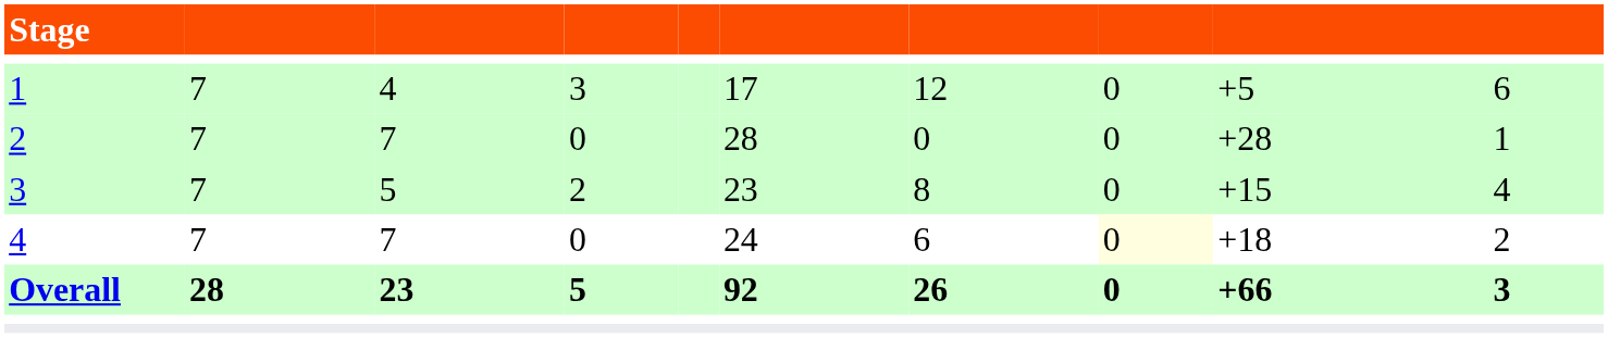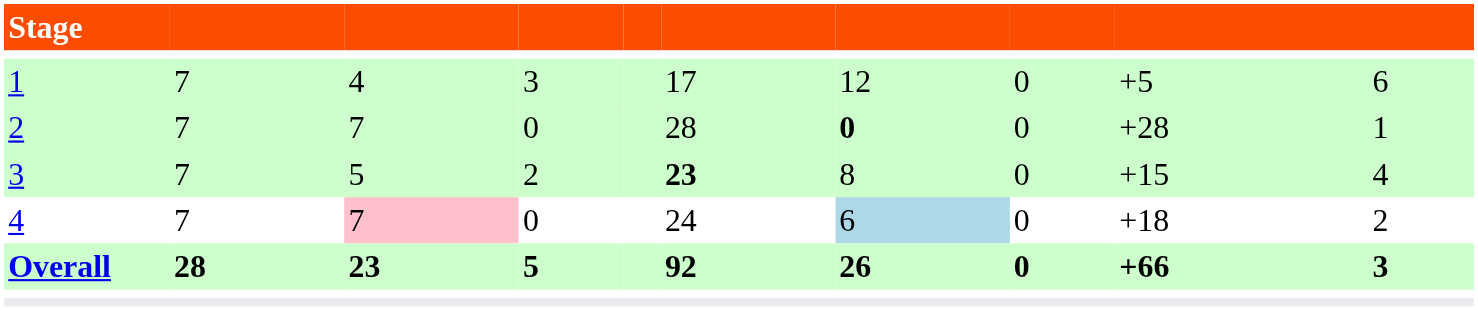 <table class="toccolours" border=0 cellpadding="2" cellspacing="0" style="font-size:95%; text-align:left; width:700px;">
 <tr align="left" style="background:#FC4C01; color:#FFFFFF;">
 <th style="width:75px">Stage</th>
 <th></th>
 <th></th>
 <th></th>
 <th></th>
 <th></th>
 <th></th>
 <th></th>
 <th></th>
 <th></th>
 </tr>
 <tr>
 <td colspan = "10"></td>
 </tr>
 <tr>
 </tr>
 <tr style="background:#cfc;">
 <td><a href='#'>1</a></td>
 <td>7</td>
 <td>4</td>
 <td>3</td>
 <td></td>
 <td>17</td>
 <td>12</td>
 <td>0</td>
 <td>+5</td>
 <td>6</td>
 </tr>
 <tr style="background:#cfc">
 <td><a href='#'>2</a></td>
 <td>7</td>
 <td>7</td>
 <td>0</td>
 <td></td>
 <td>28</td>
-<td>0</td>
+<td><strong>0</strong></td>
 <td>0</td>
 <td>+28</td>
 <td>1</td>
 </tr>
 <tr style="background:#cfc">
 <td><a href='#'>3</a></td>
 <td>7</td>
 <td>5</td>
 <td>2</td>
 <td></td>
-<td>23</td>
+<td><strong>23</strong></td>
 <td>8</td>
 <td>0</td>
 <td>+15</td>
 <td>4</td>
 </tr>
 <tr>
 <td><a href='#'>4</a></td>
 <td>7</td>
-<td>7</td>
+<td style="background: pink;">7</td>
 <td>0</td>
 <td></td>
 <td>24</td>
-<td>6</td>
-<td style="background: lightyellow;">0</td>
+<td style="background: lightblue;">6</td>
+<td>0</td>
 <td>+18</td>
 <td>2</td>
 </tr>
 <tr style="background-color:#cfc;">
 <th><a href='#'>Overall</a></th>
 <th>28</th>
 <th>23</th>
 <th>5</th>
 <th></th>
 <th>92</th>
 <th>26</th>
 <th>0</th>
 <th>+66</th>
 <th>3</th>
 </tr>
 <tr>
 <td colspan="10"></td>
 </tr>
 <tr align="left" style="background:#EAECF0; color:#000;">
 <td colspan="10" style="text-align:center;"> </td>
 </tr>
 </table>
